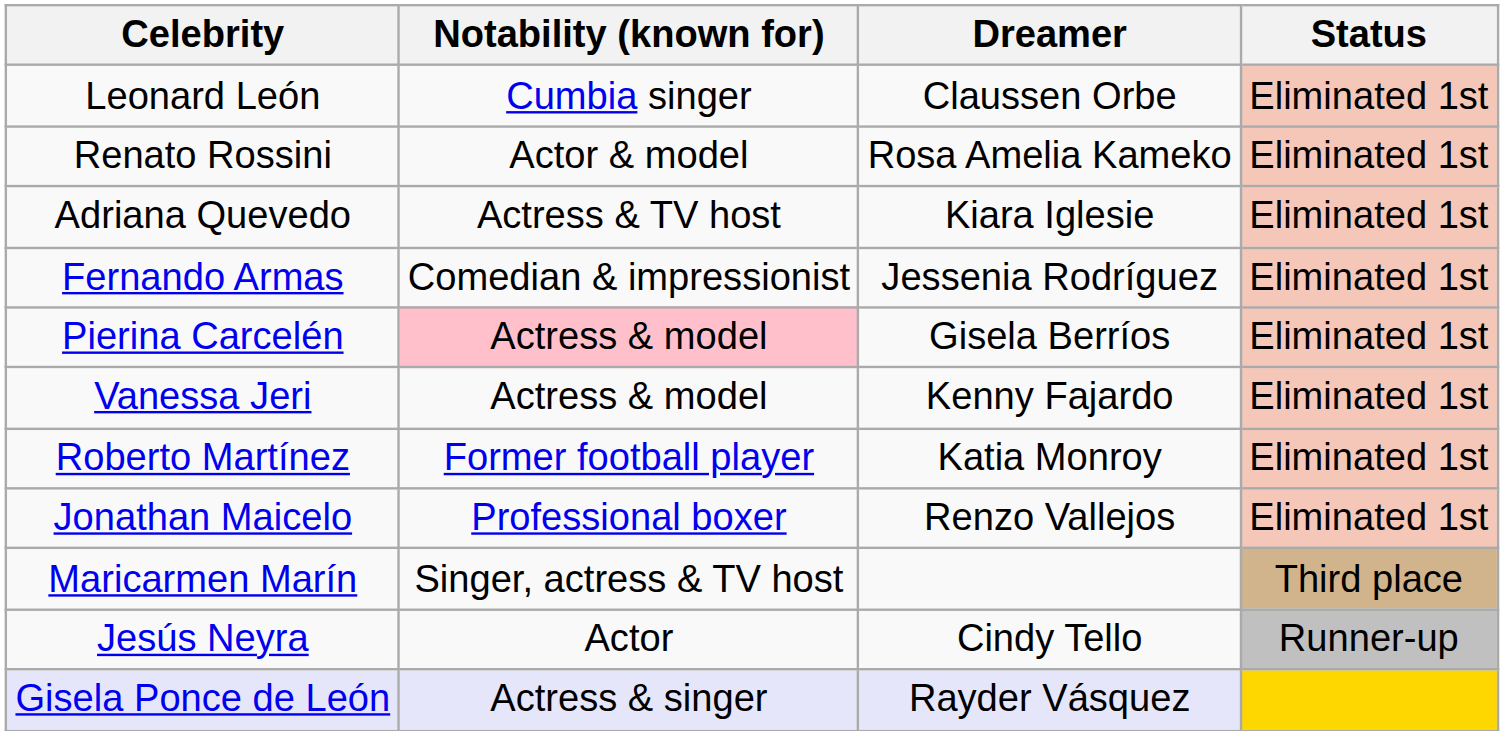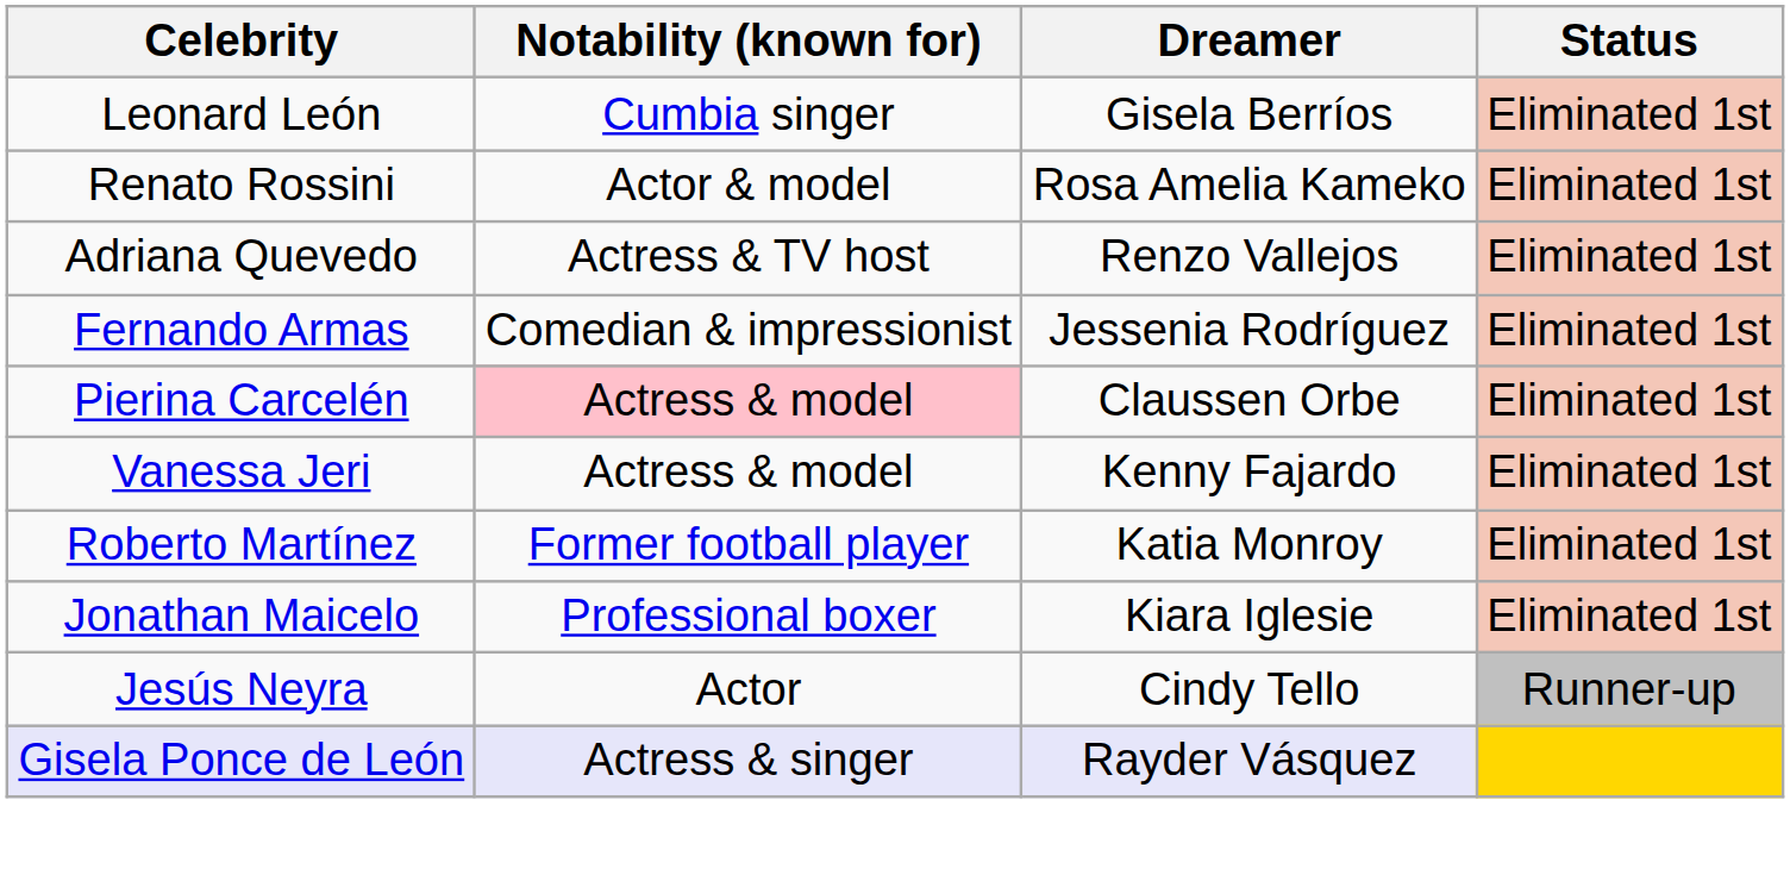 <table class= "wikitable sortable" style="text-align: center; margin:auto; align: center">
 <tr>
 <th>Celebrity</th>
 <th>Notability (known for)</th>
 <th>Dreamer</th>
 <th>Status</th>
 </tr>
 <tr>
 <td>Leonard León</td>
 <td><a href='#'>Cumbia</a> singer</td>
-<td>Claussen Orbe</td>
+<td>Gisela Berríos</td>
 <td style="background:#f4c7b8;">Eliminated 1st<br></td>
 </tr>
 <tr>
 <td>Renato Rossini</td>
 <td>Actor & model</td>
 <td>Rosa Amelia Kameko</td>
 <td style="background:#f4c7b8;">Eliminated 1st<br></td>
 </tr>
 <tr>
 <td>Adriana Quevedo</td>
 <td>Actress & TV host</td>
-<td>Kiara Iglesie</td>
+<td>Renzo Vallejos</td>
 <td style="background:#f4c7b8;">Eliminated 1st<br></td>
 </tr>
 <tr>
 <td><a href='#'>Fernando Armas</a></td>
 <td>Comedian & impressionist</td>
 <td>Jessenia Rodríguez</td>
 <td style="background:#f4c7b8;">Eliminated 1st<br></td>
 </tr>
 <tr>
 <td><a href='#'>Pierina Carcelén</a></td>
 <td style="background: pink;">Actress & model</td>
-<td>Gisela Berríos</td>
+<td>Claussen Orbe</td>
 <td style="background:#f4c7b8;">Eliminated 1st<br></td>
 </tr>
 <tr>
 <td><a href='#'>Vanessa Jeri</a></td>
 <td>Actress & model</td>
 <td>Kenny Fajardo</td>
 <td style="background:#f4c7b8;">Eliminated 1st<br></td>
 </tr>
 <tr>
 <td><a href='#'>Roberto Martínez</a></td>
 <td><a href='#'>Former football player</a></td>
 <td>Katia Monroy</td>
 <td style="background:#f4c7b8;">Eliminated 1st<br></td>
 </tr>
 <tr>
 <td><a href='#'>Jonathan Maicelo</a></td>
 <td><a href='#'>Professional boxer</a></td>
-<td>Renzo Vallejos</td>
+<td>Kiara Iglesie</td>
 <td style="background:#f4c7b8;">Eliminated 1st<br></td>
-</tr>
-<tr>
-<td><a href='#'>Maricarmen Marín</a></td>
-<td>Singer, actress & TV host</td>
-<td></td>
-<td style="background:tan;">Third place<br></td>
 </tr>
 <tr>
 <td><a href='#'>Jesús Neyra</a></td>
 <td>Actor</td>
 <td>Cindy Tello</td>
 <td style="background:silver;">Runner-up<br></td>
 </tr>
 <tr>
 <td style="background:lavender;"><a href='#'>Gisela Ponce de León</a></td>
 <td style="background:lavender;">Actress & singer</td>
 <td style="background:lavender;">Rayder Vásquez</td>
 <td style="background:gold;"></td>
 </tr>
 </table>
